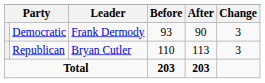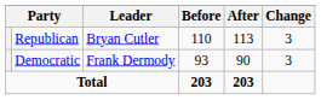 <table class="wikitable" style="text-align:center;">
 <tr>
 </tr>
 <tr>
 <th colspan=2>Party</th>
 <th>Leader</th>
 <th>Before</th>
 <th>After</th>
 <th>Change</th>
 </tr>
 <tr>
 <th style="background-color:"></th>
+<td style="text-align:left;"><a href='#'>Republican</a></td>
+<td style="text-align:left;"><a href='#'>Bryan Cutler</a></td>
+<td>110</td>
+<td>113</td>
+<td> 3</td>
+</tr>
+<tr>
+<th style="background-color:"></th>
 <td style="text-align:left;"><a href='#'>Democratic</a></td>
 <td style="text-align:left;"><a href='#'>Frank Dermody</a></td>
 <td>93</td>
 <td>90</td>
-<td> 3</td>
-</tr>
-<tr>
-<th style="background-color:"></th>
-<td style="text-align:left;"><a href='#'>Republican</a></td>
-<td style="text-align:left;"><a href='#'>Bryan Cutler</a></td>
-<td>110</td>
-<td>113</td>
 <td> 3</td>
 </tr>
 <tr>
 <td colspan=3><strong>Total</strong></td>
 <td><strong>203</strong></td>
 <td><strong>203</strong></td>
 <td></td>
 </tr>
 </table>
